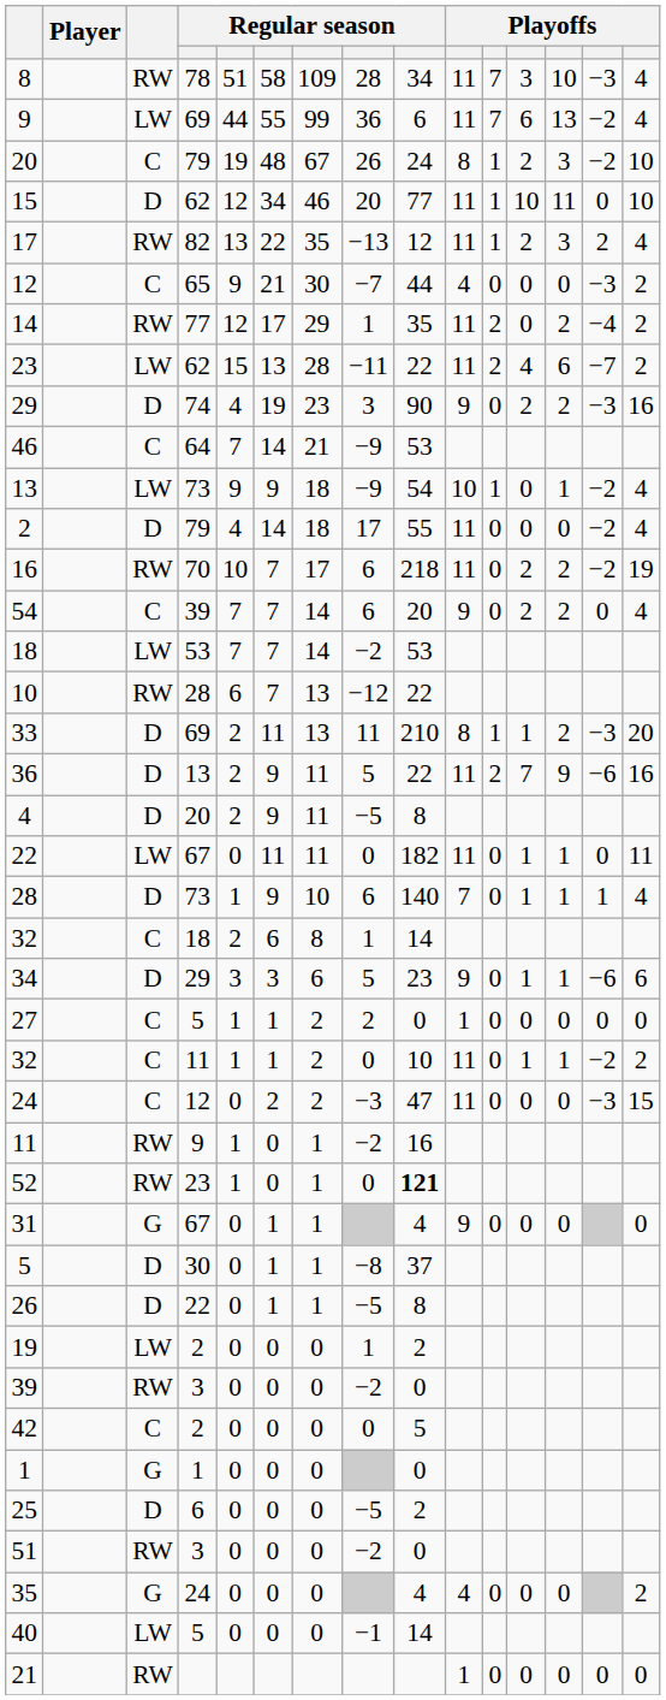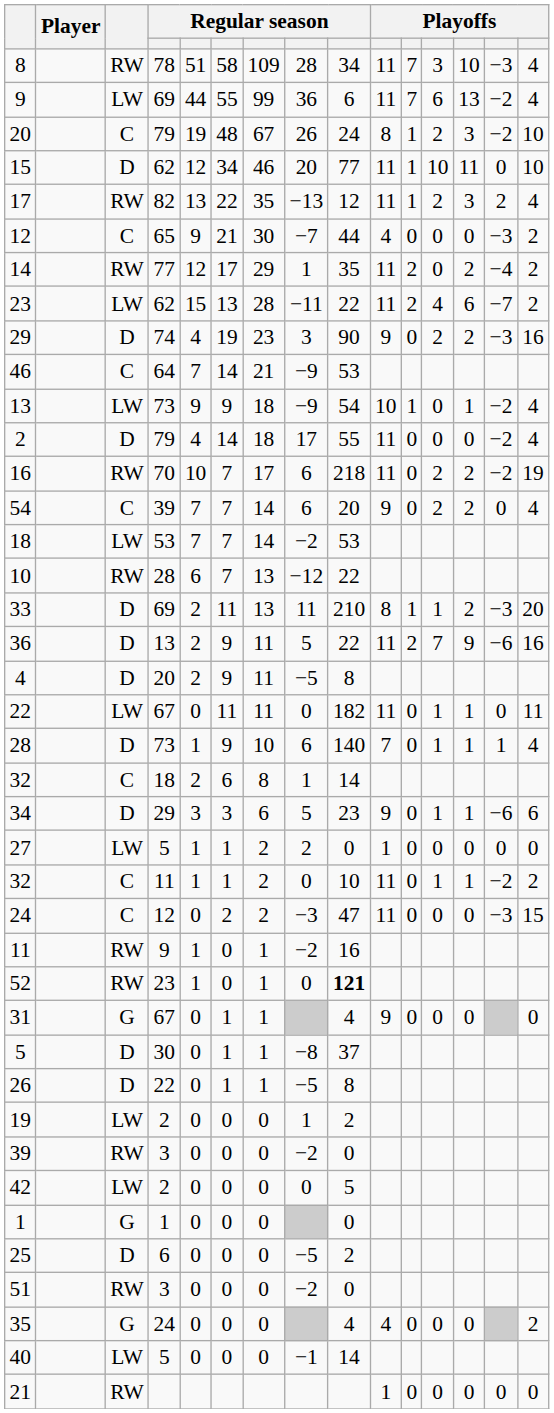 <table class="wikitable sortable plainrowheaders" style="text-align:center;">
 <tr>
 <th scope="col" data-sort-type="number" rowspan="2"></th>
 <th scope="col" rowspan="2">Player</th>
 <th scope="col" rowspan="2"></th>
 <th scope=colgroup colspan=6>Regular season</th>
 <th scope=colgroup colspan=6>Playoffs</th>
 </tr>
 <tr>
 <th scope="col" data-sort-type="number"></th>
 <th scope="col" data-sort-type="number"></th>
 <th scope="col" data-sort-type="number"></th>
 <th scope="col" data-sort-type="number"></th>
 <th scope="col" data-sort-type="number"></th>
 <th scope="col" data-sort-type="number"></th>
 <th scope="col" data-sort-type="number"></th>
 <th scope="col" data-sort-type="number"></th>
 <th scope="col" data-sort-type="number"></th>
 <th scope="col" data-sort-type="number"></th>
 <th scope="col" data-sort-type="number"></th>
 <th scope="col" data-sort-type="number"></th>
 </tr>
 <tr>
 <td scope="row">8</td>
 <td align="left"></td>
 <td>RW</td>
 <td>78</td>
 <td>51</td>
 <td>58</td>
 <td>109</td>
 <td>28</td>
 <td>34</td>
 <td>11</td>
 <td>7</td>
 <td>3</td>
 <td>10</td>
 <td>−3</td>
 <td>4</td>
 </tr>
 <tr>
 <td scope="row">9</td>
 <td align="left"></td>
 <td>LW</td>
 <td>69</td>
 <td>44</td>
 <td>55</td>
 <td>99</td>
 <td>36</td>
 <td>6</td>
 <td>11</td>
 <td>7</td>
 <td>6</td>
 <td>13</td>
 <td>−2</td>
 <td>4</td>
 </tr>
 <tr>
 <td scope="row">20</td>
 <td align="left"></td>
 <td>C</td>
 <td>79</td>
 <td>19</td>
 <td>48</td>
 <td>67</td>
 <td>26</td>
 <td>24</td>
 <td>8</td>
 <td>1</td>
 <td>2</td>
 <td>3</td>
 <td>−2</td>
 <td>10</td>
 </tr>
 <tr>
 <td scope="row">15</td>
 <td align="left"></td>
 <td>D</td>
 <td>62</td>
 <td>12</td>
 <td>34</td>
 <td>46</td>
 <td>20</td>
 <td>77</td>
 <td>11</td>
 <td>1</td>
 <td>10</td>
 <td>11</td>
 <td>0</td>
 <td>10</td>
 </tr>
 <tr>
 <td scope="row">17</td>
 <td align="left"></td>
 <td>RW</td>
 <td>82</td>
 <td>13</td>
 <td>22</td>
 <td>35</td>
 <td>−13</td>
 <td>12</td>
 <td>11</td>
 <td>1</td>
 <td>2</td>
 <td>3</td>
 <td>2</td>
 <td>4</td>
 </tr>
 <tr>
 <td scope="row">12</td>
 <td align="left"></td>
 <td>C</td>
 <td>65</td>
 <td>9</td>
 <td>21</td>
 <td>30</td>
 <td>−7</td>
 <td>44</td>
 <td>4</td>
 <td>0</td>
 <td>0</td>
 <td>0</td>
 <td>−3</td>
 <td>2</td>
 </tr>
 <tr>
 <td scope="row">14</td>
 <td align="left"></td>
 <td>RW</td>
 <td>77</td>
 <td>12</td>
 <td>17</td>
 <td>29</td>
 <td>1</td>
 <td>35</td>
 <td>11</td>
 <td>2</td>
 <td>0</td>
 <td>2</td>
 <td>−4</td>
 <td>2</td>
 </tr>
 <tr>
 <td scope="row">23</td>
 <td align="left"></td>
 <td>LW</td>
 <td>62</td>
 <td>15</td>
 <td>13</td>
 <td>28</td>
 <td>−11</td>
 <td>22</td>
 <td>11</td>
 <td>2</td>
 <td>4</td>
 <td>6</td>
 <td>−7</td>
 <td>2</td>
 </tr>
 <tr>
 <td scope="row">29</td>
 <td align="left"></td>
 <td>D</td>
 <td>74</td>
 <td>4</td>
 <td>19</td>
 <td>23</td>
 <td>3</td>
 <td>90</td>
 <td>9</td>
 <td>0</td>
 <td>2</td>
 <td>2</td>
 <td>−3</td>
 <td>16</td>
 </tr>
 <tr>
 <td scope="row">46</td>
 <td align="left"></td>
 <td>C</td>
 <td>64</td>
 <td>7</td>
 <td>14</td>
 <td>21</td>
 <td>−9</td>
 <td>53</td>
 <td></td>
 <td></td>
 <td></td>
 <td></td>
 <td></td>
 <td></td>
 </tr>
 <tr>
 <td scope="row">13</td>
 <td align="left"></td>
 <td>LW</td>
 <td>73</td>
 <td>9</td>
 <td>9</td>
 <td>18</td>
 <td>−9</td>
 <td>54</td>
 <td>10</td>
 <td>1</td>
 <td>0</td>
 <td>1</td>
 <td>−2</td>
 <td>4</td>
 </tr>
 <tr>
 <td scope="row">2</td>
 <td align="left"></td>
 <td>D</td>
 <td>79</td>
 <td>4</td>
 <td>14</td>
 <td>18</td>
 <td>17</td>
 <td>55</td>
 <td>11</td>
 <td>0</td>
 <td>0</td>
 <td>0</td>
 <td>−2</td>
 <td>4</td>
 </tr>
 <tr>
 <td scope="row">16</td>
 <td align="left"></td>
 <td>RW</td>
 <td>70</td>
 <td>10</td>
 <td>7</td>
 <td>17</td>
 <td>6</td>
 <td>218</td>
 <td>11</td>
 <td>0</td>
 <td>2</td>
 <td>2</td>
 <td>−2</td>
 <td>19</td>
 </tr>
 <tr>
 <td scope="row">54</td>
 <td align="left"></td>
 <td>C</td>
 <td>39</td>
 <td>7</td>
 <td>7</td>
 <td>14</td>
 <td>6</td>
 <td>20</td>
 <td>9</td>
 <td>0</td>
 <td>2</td>
 <td>2</td>
 <td>0</td>
 <td>4</td>
 </tr>
 <tr>
 <td scope="row">18</td>
 <td align="left"></td>
 <td>LW</td>
 <td>53</td>
 <td>7</td>
 <td>7</td>
 <td>14</td>
 <td>−2</td>
 <td>53</td>
 <td></td>
 <td></td>
 <td></td>
 <td></td>
 <td></td>
 <td></td>
 </tr>
 <tr>
 <td scope="row">10</td>
 <td align="left"></td>
 <td>RW</td>
 <td>28</td>
 <td>6</td>
 <td>7</td>
 <td>13</td>
 <td>−12</td>
 <td>22</td>
 <td></td>
 <td></td>
 <td></td>
 <td></td>
 <td></td>
 <td></td>
 </tr>
 <tr>
 <td scope="row">33</td>
 <td align="left"></td>
 <td>D</td>
 <td>69</td>
 <td>2</td>
 <td>11</td>
 <td>13</td>
 <td>11</td>
 <td>210</td>
 <td>8</td>
 <td>1</td>
 <td>1</td>
 <td>2</td>
 <td>−3</td>
 <td>20</td>
 </tr>
 <tr>
 <td scope="row">36</td>
 <td align="left"></td>
 <td>D</td>
 <td>13</td>
 <td>2</td>
 <td>9</td>
 <td>11</td>
 <td>5</td>
 <td>22</td>
 <td>11</td>
 <td>2</td>
 <td>7</td>
 <td>9</td>
 <td>−6</td>
 <td>16</td>
 </tr>
 <tr>
 <td scope="row">4</td>
 <td align="left"></td>
 <td>D</td>
 <td>20</td>
 <td>2</td>
 <td>9</td>
 <td>11</td>
 <td>−5</td>
 <td>8</td>
 <td></td>
 <td></td>
 <td></td>
 <td></td>
 <td></td>
 <td></td>
 </tr>
 <tr>
 <td scope="row">22</td>
 <td align="left"></td>
 <td>LW</td>
 <td>67</td>
 <td>0</td>
 <td>11</td>
 <td>11</td>
 <td>0</td>
 <td>182</td>
 <td>11</td>
 <td>0</td>
 <td>1</td>
 <td>1</td>
 <td>0</td>
 <td>11</td>
 </tr>
 <tr>
 <td scope="row">28</td>
 <td align="left"></td>
 <td>D</td>
 <td>73</td>
 <td>1</td>
 <td>9</td>
 <td>10</td>
 <td>6</td>
 <td>140</td>
 <td>7</td>
 <td>0</td>
 <td>1</td>
 <td>1</td>
 <td>1</td>
 <td>4</td>
 </tr>
 <tr>
 <td scope="row">32</td>
 <td align="left"></td>
 <td>C</td>
 <td>18</td>
 <td>2</td>
 <td>6</td>
 <td>8</td>
 <td>1</td>
 <td>14</td>
 <td></td>
 <td></td>
 <td></td>
 <td></td>
 <td></td>
 <td></td>
 </tr>
 <tr>
 <td scope="row">34</td>
 <td align="left"></td>
 <td>D</td>
 <td>29</td>
 <td>3</td>
 <td>3</td>
 <td>6</td>
 <td>5</td>
 <td>23</td>
 <td>9</td>
 <td>0</td>
 <td>1</td>
 <td>1</td>
 <td>−6</td>
 <td>6</td>
 </tr>
 <tr>
 <td scope="row">27</td>
 <td align="left"></td>
-<td>C</td>
+<td>LW</td>
 <td>5</td>
 <td>1</td>
 <td>1</td>
 <td>2</td>
 <td>2</td>
 <td>0</td>
 <td>1</td>
 <td>0</td>
 <td>0</td>
 <td>0</td>
 <td>0</td>
 <td>0</td>
 </tr>
 <tr>
 <td scope="row">32</td>
 <td align="left"></td>
 <td>C</td>
 <td>11</td>
 <td>1</td>
 <td>1</td>
 <td>2</td>
 <td>0</td>
 <td>10</td>
 <td>11</td>
 <td>0</td>
 <td>1</td>
 <td>1</td>
 <td>−2</td>
 <td>2</td>
 </tr>
 <tr>
 <td scope="row">24</td>
 <td align="left"></td>
 <td>C</td>
 <td>12</td>
 <td>0</td>
 <td>2</td>
 <td>2</td>
 <td>−3</td>
 <td>47</td>
 <td>11</td>
 <td>0</td>
 <td>0</td>
 <td>0</td>
 <td>−3</td>
 <td>15</td>
 </tr>
 <tr>
 <td scope="row">11</td>
 <td align="left"></td>
 <td>RW</td>
 <td>9</td>
 <td>1</td>
 <td>0</td>
 <td>1</td>
 <td>−2</td>
 <td>16</td>
 <td></td>
 <td></td>
 <td></td>
 <td></td>
 <td></td>
 <td></td>
 </tr>
 <tr>
 <td scope="row">52</td>
 <td align="left"></td>
 <td>RW</td>
 <td>23</td>
 <td>1</td>
 <td>0</td>
 <td>1</td>
 <td>0</td>
 <td><strong>121</strong></td>
 <td></td>
 <td></td>
 <td></td>
 <td></td>
 <td></td>
 <td></td>
 </tr>
 <tr>
 <td scope="row">31</td>
 <td align="left"></td>
 <td>G</td>
 <td>67</td>
 <td>0</td>
 <td>1</td>
 <td>1</td>
 <td style="background:#ccc"></td>
 <td>4</td>
 <td>9</td>
 <td>0</td>
 <td>0</td>
 <td>0</td>
 <td style="background:#ccc"></td>
 <td>0</td>
 </tr>
 <tr>
 <td scope="row">5</td>
 <td align="left"></td>
 <td>D</td>
 <td>30</td>
 <td>0</td>
 <td>1</td>
 <td>1</td>
 <td>−8</td>
 <td>37</td>
 <td></td>
 <td></td>
 <td></td>
 <td></td>
 <td></td>
 <td></td>
 </tr>
 <tr>
 <td scope="row">26</td>
 <td align="left"></td>
 <td>D</td>
 <td>22</td>
 <td>0</td>
 <td>1</td>
 <td>1</td>
 <td>−5</td>
 <td>8</td>
 <td></td>
 <td></td>
 <td></td>
 <td></td>
 <td></td>
 <td></td>
 </tr>
 <tr>
 <td scope="row">19</td>
 <td align="left"></td>
 <td>LW</td>
 <td>2</td>
 <td>0</td>
 <td>0</td>
 <td>0</td>
 <td>1</td>
 <td>2</td>
 <td></td>
 <td></td>
 <td></td>
 <td></td>
 <td></td>
 <td></td>
 </tr>
 <tr>
 <td scope="row">39</td>
 <td align="left"></td>
 <td>RW</td>
 <td>3</td>
 <td>0</td>
 <td>0</td>
 <td>0</td>
 <td>−2</td>
 <td>0</td>
 <td></td>
 <td></td>
 <td></td>
 <td></td>
 <td></td>
 <td></td>
 </tr>
 <tr>
 <td scope="row">42</td>
 <td align="left"></td>
-<td>C</td>
+<td>LW</td>
 <td>2</td>
 <td>0</td>
 <td>0</td>
 <td>0</td>
 <td>0</td>
 <td>5</td>
 <td></td>
 <td></td>
 <td></td>
 <td></td>
 <td></td>
 <td></td>
 </tr>
 <tr>
 <td scope="row">1</td>
 <td align="left"></td>
 <td>G</td>
 <td>1</td>
 <td>0</td>
 <td>0</td>
 <td>0</td>
 <td style="background:#ccc"></td>
 <td>0</td>
 <td></td>
 <td></td>
 <td></td>
 <td></td>
 <td></td>
 <td></td>
 </tr>
 <tr>
 <td scope="row">25</td>
 <td align="left"></td>
 <td>D</td>
 <td>6</td>
 <td>0</td>
 <td>0</td>
 <td>0</td>
 <td>−5</td>
 <td>2</td>
 <td></td>
 <td></td>
 <td></td>
 <td></td>
 <td></td>
 <td></td>
 </tr>
 <tr>
 <td scope="row">51</td>
 <td align="left"></td>
 <td>RW</td>
 <td>3</td>
 <td>0</td>
 <td>0</td>
 <td>0</td>
 <td>−2</td>
 <td>0</td>
 <td></td>
 <td></td>
 <td></td>
 <td></td>
 <td></td>
 <td></td>
 </tr>
 <tr>
 <td scope="row">35</td>
 <td align="left"></td>
 <td>G</td>
 <td>24</td>
 <td>0</td>
 <td>0</td>
 <td>0</td>
 <td style="background:#ccc"></td>
 <td>4</td>
 <td>4</td>
 <td>0</td>
 <td>0</td>
 <td>0</td>
 <td style="background:#ccc"></td>
 <td>2</td>
 </tr>
 <tr>
 <td scope="row">40</td>
 <td align="left"></td>
 <td>LW</td>
 <td>5</td>
 <td>0</td>
 <td>0</td>
 <td>0</td>
 <td>−1</td>
 <td>14</td>
 <td></td>
 <td></td>
 <td></td>
 <td></td>
 <td></td>
 <td></td>
 </tr>
 <tr>
 <td scope="row">21</td>
 <td align="left"></td>
 <td>RW</td>
 <td></td>
 <td></td>
 <td></td>
 <td></td>
 <td></td>
 <td></td>
 <td>1</td>
 <td>0</td>
 <td>0</td>
 <td>0</td>
 <td>0</td>
 <td>0</td>
 </tr>
 </table>
